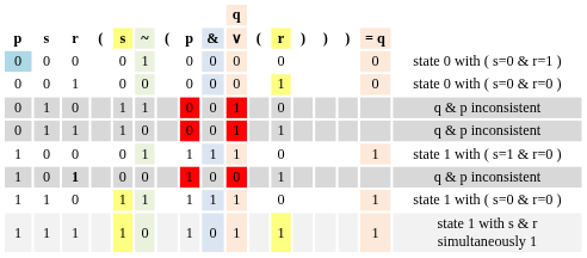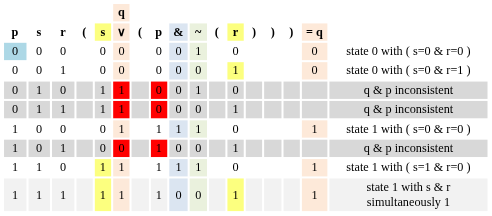 <table>
 <tr style="font-size:9pt" align="center">
 <th width="19.5" Height="12"></th>
 <th width="19.5"></th>
 <th width="19.5"></th>
 <th width="14.25"></th>
 <th width="14.25"></th>
-<th width="14.25"></th>
+<th style="background-color:#FDE9D9;font-weight:bold" width="14.25">q</th>
 <th width="14.25"></th>
 <th width="14.25"></th>
 <th width="16.5"></th>
-<th style="background-color:#FDE9D9;font-weight:bold" width="14.25">q</th>
+<th width="14.25"></th>
 <th width="14.25"></th>
 <th width="14.25"></th>
 <th width="14.25"></th>
 <th width="14.25"></th>
 <th width="14.25"></th>
 <th width="23.25"></th>
 <th width="153"></th>
 </tr>
 <tr style="font-size:9pt" align="center">
 <th style="font-weight:bold" Height="12">p</th>
 <th style="font-weight:bold">s</th>
 <th style="font-weight:bold">r</th>
 <th style="font-weight:bold">(</th>
 <th style="background-color:#FCFF7F;font-weight:bold">s</th>
-<th style="background-color:#EAF1DD;font-weight:bold">~</th>
+<th style="background-color:#FDE9D9;font-weight:bold">∨</th>
 <th style="font-weight:bold">(</th>
 <th style="font-weight:bold">p</th>
 <th style="background-color:#DBE5F1;font-weight:bold">&</th>
-<th style="background-color:#FDE9D9;font-weight:bold">∨</th>
+<th style="background-color:#EAF1DD;font-weight:bold">~</th>
 <th style="font-weight:bold">(</th>
 <th style="background-color:#FCFF7F;font-weight:bold">r</th>
 <th style="font-weight:bold">)</th>
 <th style="font-weight:bold">)</th>
 <th style="font-weight:bold">)</th>
 <th style="background-color:#FDE9D9;font-weight:bold">= q</th>
 <th></th>
 </tr>
 <tr style="font-size:9pt" align="center">
 <td Height="12" style="background: lightblue;">0</td>
 <td>0</td>
 <td>0</td>
 <td></td>
 <td>0</td>
+<td style="background-color:#FDE9D9">0</td>
+<td></td>
+<td>0</td>
+<td style="background-color:#DBE5F1">0</td>
 <td style="background-color:#EAF1DD">1</td>
 <td></td>
 <td>0</td>
-<td style="background-color:#DBE5F1">0</td>
+<td></td>
+<td></td>
+<td></td>
+<td style="background-color:#FDE9D9">0</td>
+<td>state 0 with ( s=0 & r=0 )</td>
+</tr>
+<tr style="font-size:9pt" align="center">
+<td Height="12">0</td>
+<td>0</td>
+<td>1</td>
+<td></td>
+<td>0</td>
 <td style="background-color:#FDE9D9">0</td>
 <td></td>
 <td>0</td>
+<td style="background-color:#DBE5F1">0</td>
+<td style="background-color:#EAF1DD">0</td>
+<td></td>
+<td style="background-color:#FCFF7F">1</td>
 <td></td>
 <td></td>
 <td></td>
 <td style="background-color:#FDE9D9">0</td>
 <td>state 0 with ( s=0 & r=1 )</td>
 </tr>
 <tr style="font-size:9pt" align="center">
-<td Height="12">0</td>
-<td>0</td>
-<td>1</td>
-<td></td>
-<td>0</td>
-<td style="background-color:#EAF1DD">0</td>
-<td></td>
-<td>0</td>
-<td style="background-color:#DBE5F1">0</td>
-<td style="background-color:#FDE9D9">0</td>
-<td></td>
-<td style="background-color:#FCFF7F">1</td>
-<td></td>
-<td></td>
-<td></td>
-<td style="background-color:#FDE9D9">0</td>
-<td>state 0 with ( s=0 & r=0 )</td>
-</tr>
-<tr style="font-size:9pt" align="center">
 <td style="background-color:#D8D8D8" Height="12">0</td>
 <td style="background-color:#D8D8D8">1</td>
 <td style="background-color:#D8D8D8">0</td>
 <td style="background-color:#D8D8D8"></td>
 <td style="background-color:#D8D8D8">1</td>
-<td style="background-color:#D8D8D8">1</td>
+<td style="background-color:red">1</td>
 <td style="background-color:#D8D8D8"></td>
 <td style="background-color:red">0</td>
 <td style="background-color:#D8D8D8">0</td>
-<td style="background-color:red">1</td>
+<td style="background-color:#D8D8D8">1</td>
 <td style="background-color:#D8D8D8"></td>
 <td style="background-color:#D8D8D8">0</td>
 <td style="background-color:#D8D8D8"></td>
 <td style="background-color:#D8D8D8"></td>
 <td style="background-color:#D8D8D8"></td>
 <td style="background-color:#D8D8D8"></td>
 <td style="background-color:#D8D8D8">q & p inconsistent</td>
 </tr>
 <tr style="font-size:9pt" align="center">
 <td style="background-color:#D8D8D8" Height="12">0</td>
 <td style="background-color:#D8D8D8">1</td>
 <td style="background-color:#D8D8D8">1</td>
 <td style="background-color:#D8D8D8"></td>
 <td style="background-color:#D8D8D8">1</td>
-<td style="background-color:#D8D8D8">0</td>
+<td style="background-color:red">1</td>
 <td style="background-color:#D8D8D8"></td>
 <td style="background-color:red">0</td>
 <td style="background-color:#D8D8D8">0</td>
-<td style="background-color:red">1</td>
+<td style="background-color:#D8D8D8">0</td>
 <td style="background-color:#D8D8D8"></td>
 <td style="background-color:#D8D8D8">1</td>
 <td style="background-color:#D8D8D8"></td>
 <td style="background-color:#D8D8D8"></td>
 <td style="background-color:#D8D8D8"></td>
 <td style="background-color:#D8D8D8"></td>
 <td style="background-color:#D8D8D8">q & p inconsistent</td>
 </tr>
 <tr style="font-size:9pt" align="center">
 <td Height="12">1</td>
 <td>0</td>
 <td>0</td>
 <td></td>
 <td>0</td>
-<td style="background-color:#EAF1DD">1</td>
+<td style="background-color:#FDE9D9">1</td>
 <td></td>
 <td>1</td>
 <td style="background-color:#DBE5F1">1</td>
-<td style="background-color:#FDE9D9">1</td>
+<td style="background-color:#EAF1DD">1</td>
 <td></td>
 <td>0</td>
 <td></td>
 <td></td>
 <td></td>
 <td style="background-color:#FDE9D9">1</td>
-<td>state 1 with ( s=1 & r=0 )</td>
+<td>state 1 with ( s=0 & r=0 )</td>
 </tr>
 <tr style="font-size:9pt" align="center">
 <td style="background-color:#D8D8D8" Height="12">1</td>
 <td style="background-color:#D8D8D8">0</td>
-<td style="background-color:#D8D8D8"><strong>1</strong></td>
+<td style="background-color:#D8D8D8">1</td>
 <td style="background-color:#D8D8D8"></td>
 <td style="background-color:#D8D8D8">0</td>
-<td style="background-color:#D8D8D8">0</td>
+<td style="background-color:red">0</td>
 <td style="background-color:#D8D8D8"></td>
 <td style="background-color:red">1</td>
 <td style="background-color:#D8D8D8">0</td>
-<td style="background-color:red">0</td>
+<td style="background-color:#D8D8D8">0</td>
 <td style="background-color:#D8D8D8"></td>
 <td style="background-color:#D8D8D8">1</td>
 <td style="background-color:#D8D8D8"></td>
 <td style="background-color:#D8D8D8"></td>
 <td style="background-color:#D8D8D8"></td>
 <td style="background-color:#D8D8D8"></td>
 <td style="background-color:#D8D8D8">q & p inconsistent</td>
 </tr>
 <tr style="font-size:9pt" align="center">
 <td Height="12">1</td>
 <td>1</td>
 <td>0</td>
 <td></td>
 <td style="background-color:#FCFF7F">1</td>
-<td style="background-color:#EAF1DD">1</td>
+<td style="background-color:#FDE9D9">1</td>
 <td></td>
 <td>1</td>
 <td style="background-color:#DBE5F1">1</td>
-<td style="background-color:#FDE9D9">1</td>
+<td style="background-color:#EAF1DD">1</td>
 <td></td>
 <td>0</td>
 <td></td>
 <td></td>
 <td></td>
 <td style="background-color:#FDE9D9">1</td>
-<td>state 1 with ( s=0 & r=0 )</td>
+<td>state 1 with ( s=1 & r=0 )</td>
 </tr>
 <tr style="font-size:9pt" align="center">
 <td style="background-color:#F2F2F2" Height="12">1</td>
 <td style="background-color:#F2F2F2">1</td>
 <td style="background-color:#F2F2F2">1</td>
 <td style="background-color:#F2F2F2"></td>
 <td style="background-color:#FCFF7F">1</td>
-<td style="background-color:#EAF1DD">0</td>
+<td style="background-color:#FDE9D9">1</td>
 <td style="background-color:#F2F2F2"></td>
 <td style="background-color:#F2F2F2">1</td>
 <td style="background-color:#DBE5F1">0</td>
-<td style="background-color:#FDE9D9">1</td>
+<td style="background-color:#EAF1DD">0</td>
 <td style="background-color:#F2F2F2"></td>
 <td style="background-color:#FCFF7F">1</td>
 <td style="background-color:#F2F2F2"></td>
 <td style="background-color:#F2F2F2"></td>
 <td style="background-color:#F2F2F2"></td>
 <td style="background-color:#FDE9D9">1</td>
 <td style="background-color:#F2F2F2">state 1 with s & r simultaneously 1</td>
 </tr>
 </table>
